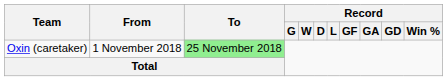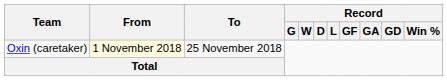 <table class="wikitable" style="text-align: center">
 <tr>
 <th rowspan="2">Team</th>
 <th rowspan="2">From</th>
 <th rowspan="2">To</th>
 <th colspan="8">Record</th>
 </tr>
 <tr>
 <th>G</th>
 <th>W</th>
 <th>D</th>
 <th>L</th>
 <th>GF</th>
 <th>GA</th>
 <th>GD</th>
 <th>Win %</th>
 </tr>
 <tr>
 <td><a href='#'>Oxin</a> (caretaker)</td>
-<td>1 November 2018</td>
-<td style="background: lightgreen;">25 November 2018<br></td>
+<td style="background: lightyellow;">1 November 2018</td>
+<td>25 November 2018<br></td>
 </tr>
 <tr>
 <th colspan="3">Total<br></th>
 </tr>
 </table>
